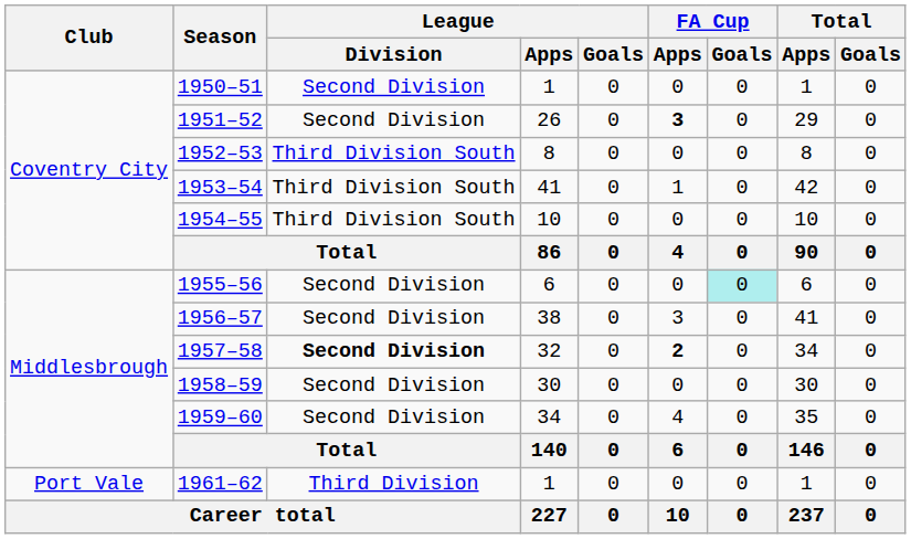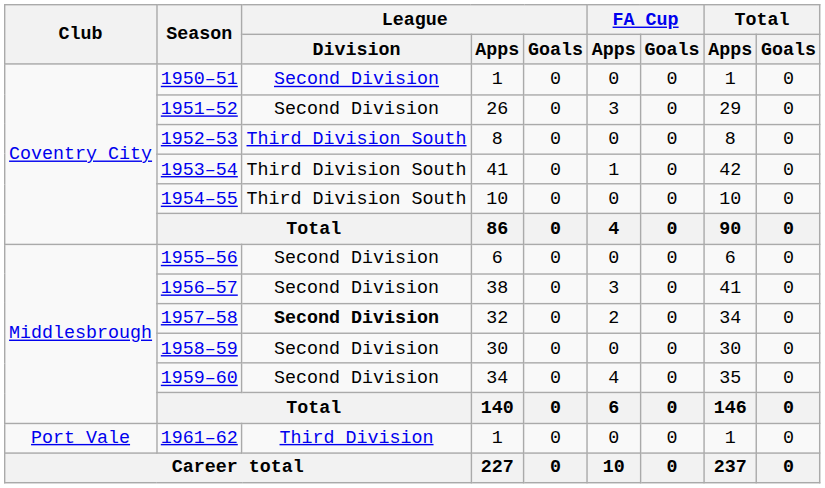 <table class=wikitable style="text-align: center;">
 <tr>
 <th rowspan=2>Club</th>
 <th rowspan=2>Season</th>
 <th colspan=3>League</th>
 <th colspan=2><a href='#'>FA Cup</a></th>
 <th colspan=2>Total</th>
 </tr>
 <tr>
 <th>Division</th>
 <th>Apps</th>
 <th>Goals</th>
 <th>Apps</th>
 <th>Goals</th>
 <th>Apps</th>
 <th>Goals</th>
 </tr>
 <tr>
 <td rowspan=6><a href='#'>Coventry City</a></td>
 <td><a href='#'>1950–51</a></td>
 <td><a href='#'>Second Division</a></td>
 <td>1</td>
 <td>0</td>
 <td>0</td>
 <td>0</td>
 <td>1</td>
 <td>0</td>
 </tr>
 <tr>
 <td><a href='#'>1951–52</a></td>
 <td>Second Division</td>
 <td>26</td>
 <td>0</td>
-<td><strong>3</strong></td>
+<td>3</td>
 <td>0</td>
 <td>29</td>
 <td>0</td>
 </tr>
 <tr>
 <td><a href='#'>1952–53</a></td>
 <td><a href='#'>Third Division South</a></td>
 <td>8</td>
 <td>0</td>
 <td>0</td>
 <td>0</td>
 <td>8</td>
 <td>0</td>
 </tr>
 <tr>
 <td><a href='#'>1953–54</a></td>
 <td>Third Division South</td>
 <td>41</td>
 <td>0</td>
 <td>1</td>
 <td>0</td>
 <td>42</td>
 <td>0</td>
 </tr>
 <tr>
 <td><a href='#'>1954–55</a></td>
 <td>Third Division South</td>
 <td>10</td>
 <td>0</td>
 <td>0</td>
 <td>0</td>
 <td>10</td>
 <td>0</td>
 </tr>
 <tr>
 <th colspan=2>Total</th>
 <th>86</th>
 <th>0</th>
 <th>4</th>
 <th>0</th>
 <th>90</th>
 <th>0</th>
 </tr>
 <tr>
 <td rowspan=6><a href='#'>Middlesbrough</a></td>
 <td><a href='#'>1955–56</a></td>
 <td>Second Division</td>
 <td>6</td>
 <td>0</td>
 <td>0</td>
-<td style="background: paleturquoise;">0</td>
+<td>0</td>
 <td>6</td>
 <td>0</td>
 </tr>
 <tr>
 <td><a href='#'>1956–57</a></td>
 <td>Second Division</td>
 <td>38</td>
 <td>0</td>
 <td>3</td>
 <td>0</td>
 <td>41</td>
 <td>0</td>
 </tr>
 <tr>
 <td><a href='#'>1957–58</a></td>
 <td><strong>Second Division</strong></td>
 <td>32</td>
 <td>0</td>
-<td><strong>2</strong></td>
+<td>2</td>
 <td>0</td>
 <td>34</td>
 <td>0</td>
 </tr>
 <tr>
 <td><a href='#'>1958–59</a></td>
 <td>Second Division</td>
 <td>30</td>
 <td>0</td>
 <td>0</td>
 <td>0</td>
 <td>30</td>
 <td>0</td>
 </tr>
 <tr>
 <td><a href='#'>1959–60</a></td>
 <td>Second Division</td>
 <td>34</td>
 <td>0</td>
 <td>4</td>
 <td>0</td>
 <td>35</td>
 <td>0</td>
 </tr>
 <tr>
 <th colspan=2>Total</th>
 <th>140</th>
 <th>0</th>
 <th>6</th>
 <th>0</th>
 <th>146</th>
 <th>0</th>
 </tr>
 <tr>
 <td><a href='#'>Port Vale</a></td>
 <td><a href='#'>1961–62</a></td>
 <td><a href='#'>Third Division</a></td>
 <td>1</td>
 <td>0</td>
 <td>0</td>
 <td>0</td>
 <td>1</td>
 <td>0</td>
 </tr>
 <tr>
 <th colspan=3>Career total</th>
 <th>227</th>
 <th>0</th>
 <th>10</th>
 <th>0</th>
 <th>237</th>
 <th>0</th>
 </tr>
 </table>
